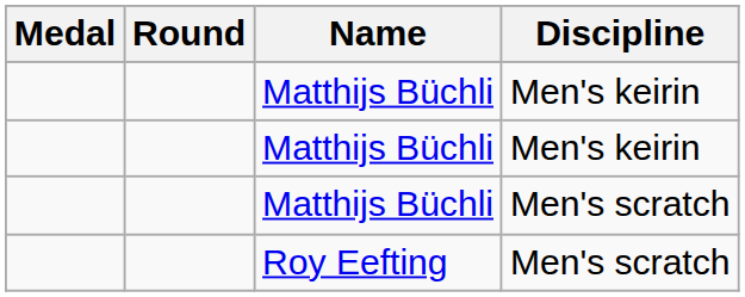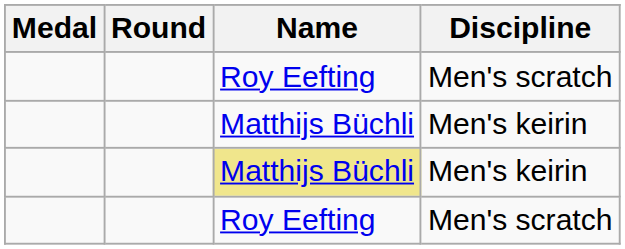 <table class="wikitable sortable">
 <tr>
 <th>Medal</th>
 <th>Round</th>
 <th>Name</th>
 <th>Discipline</th>
 </tr>
 <tr>
 <td></td>
 <td></td>
-<td><a href='#'>Matthijs Büchli</a></td>
-<td>Men's keirin</td>
+<td><a href='#'>Roy Eefting</a></td>
+<td>Men's scratch</td>
 </tr>
 <tr>
 <td></td>
 <td></td>
 <td><a href='#'>Matthijs Büchli</a></td>
 <td>Men's keirin</td>
 </tr>
 <tr>
 <td></td>
 <td><strong></strong></td>
-<td><a href='#'>Matthijs Büchli</a></td>
-<td>Men's scratch</td>
+<td style="background: khaki;"><a href='#'>Matthijs Büchli</a></td>
+<td>Men's keirin</td>
 </tr>
 <tr>
 <td></td>
 <td><strong></strong></td>
 <td><a href='#'>Roy Eefting</a></td>
 <td>Men's scratch</td>
 </tr>
 </table>
